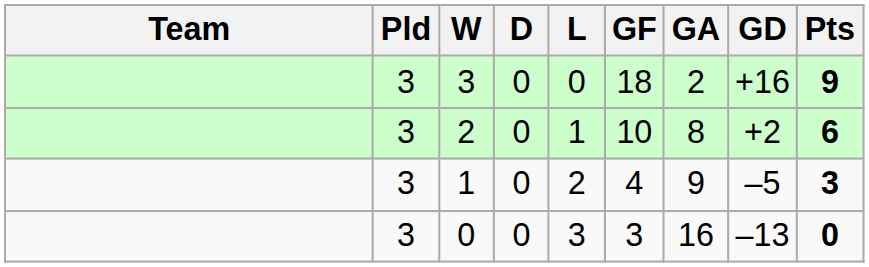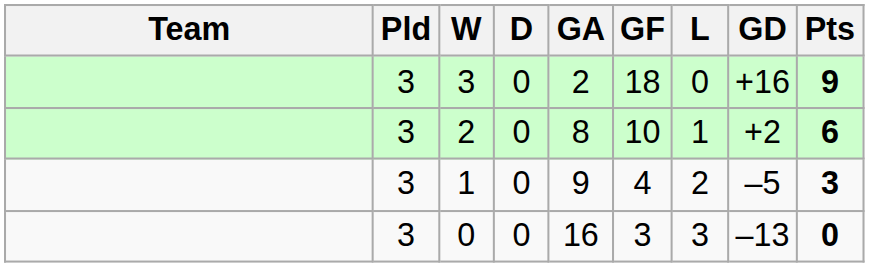 <table class="wikitable" style="text-align: center;">
 <tr>
 <th width="175">Team</th>
 <th width="20">Pld</th>
 <th width="20">W</th>
 <th width="20">D</th>
+<th width="20">GA</th>
+<th width="20">GF</th>
 <th width="20">L</th>
-<th width="20">GF</th>
-<th width="20">GA</th>
 <th width="20">GD</th>
 <th width="20">Pts</th>
 </tr>
 <tr bgcolor=ccffcc>
 <td align=left></td>
 <td>3</td>
 <td>3</td>
 <td>0</td>
+<td>2</td>
+<td>18</td>
 <td>0</td>
-<td>18</td>
-<td>2</td>
 <td>+16</td>
 <td><strong>9</strong></td>
 </tr>
 <tr bgcolor=ccffcc>
 <td align=left></td>
 <td>3</td>
 <td>2</td>
 <td>0</td>
+<td>8</td>
+<td>10</td>
 <td>1</td>
-<td>10</td>
-<td>8</td>
 <td>+2</td>
 <td><strong>6</strong></td>
 </tr>
 <tr>
 <td align=left></td>
 <td>3</td>
 <td>1</td>
 <td>0</td>
+<td>9</td>
+<td>4</td>
 <td>2</td>
-<td>4</td>
-<td>9</td>
 <td>–5</td>
 <td><strong>3</strong></td>
 </tr>
 <tr>
 <td align=left></td>
 <td>3</td>
 <td>0</td>
 <td>0</td>
+<td>16</td>
 <td>3</td>
 <td>3</td>
-<td>16</td>
 <td>–13</td>
 <td><strong>0</strong></td>
 </tr>
 </table>
